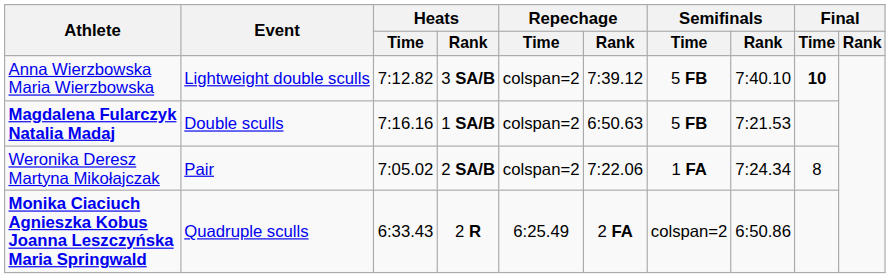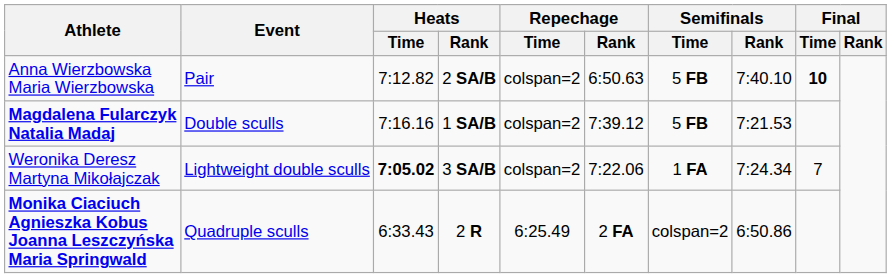 <table class="wikitable" style="font-size:90%">
 <tr>
 <th rowspan="2">Athlete</th>
 <th rowspan="2">Event</th>
 <th colspan="2">Heats</th>
 <th colspan="2">Repechage</th>
 <th colspan="2">Semifinals</th>
 <th colspan="2">Final</th>
 </tr>
 <tr style="font-size:95%">
 <th>Time</th>
 <th>Rank</th>
 <th>Time</th>
 <th>Rank</th>
 <th>Time</th>
 <th>Rank</th>
 <th>Time</th>
 <th>Rank</th>
 </tr>
 <tr align=center>
 <td align=left><a href='#'>Anna Wierzbowska</a><br><a href='#'>Maria Wierzbowska</a></td>
-<td align=left><a href='#'>Lightweight double sculls</a></td>
+<td align=left><a href='#'>Pair</a></td>
 <td>7:12.82</td>
-<td>3 <strong>SA/B</strong></td>
+<td>2 <strong>SA/B</strong></td>
 <td>colspan=2 </td>
-<td>7:39.12</td>
+<td>6:50.63</td>
 <td>5 <strong>FB</strong></td>
 <td>7:40.10</td>
 <td><strong>10</strong></td>
 </tr>
 <tr align=center>
 <td align=left><strong><a href='#'>Magdalena Fularczyk</a><br><a href='#'>Natalia Madaj</a></strong></td>
 <td align=left><a href='#'>Double sculls</a></td>
 <td>7:16.16</td>
 <td>1 <strong>SA/B</strong></td>
 <td>colspan=2 </td>
-<td>6:50.63</td>
+<td>7:39.12</td>
 <td>5 <strong>FB</strong></td>
 <td>7:21.53</td>
 <td></td>
 </tr>
 <tr align=center>
 <td align=left><a href='#'>Weronika Deresz</a><br><a href='#'>Martyna Mikołajczak</a></td>
-<td align=left><a href='#'>Pair</a></td>
-<td>7:05.02</td>
-<td>2 <strong>SA/B</strong></td>
+<td align=left><a href='#'>Lightweight double sculls</a></td>
+<td><strong>7:05.02</strong></td>
+<td>3 <strong>SA/B</strong></td>
 <td>colspan=2 </td>
 <td>7:22.06</td>
 <td>1 <strong>FA</strong></td>
 <td>7:24.34</td>
-<td>8</td>
+<td>7</td>
 </tr>
 <tr align=center>
 <td align=left><strong><a href='#'>Monika Ciaciuch</a><br><a href='#'>Agnieszka Kobus</a><br><a href='#'>Joanna Leszczyńska</a><br><a href='#'>Maria Springwald</a></strong></td>
 <td align=left><a href='#'>Quadruple sculls</a></td>
 <td>6:33.43</td>
 <td>2 <strong>R</strong></td>
 <td>6:25.49</td>
 <td>2 <strong>FA</strong></td>
 <td>colspan=2 </td>
 <td>6:50.86</td>
 <td></td>
 </tr>
 </table>
